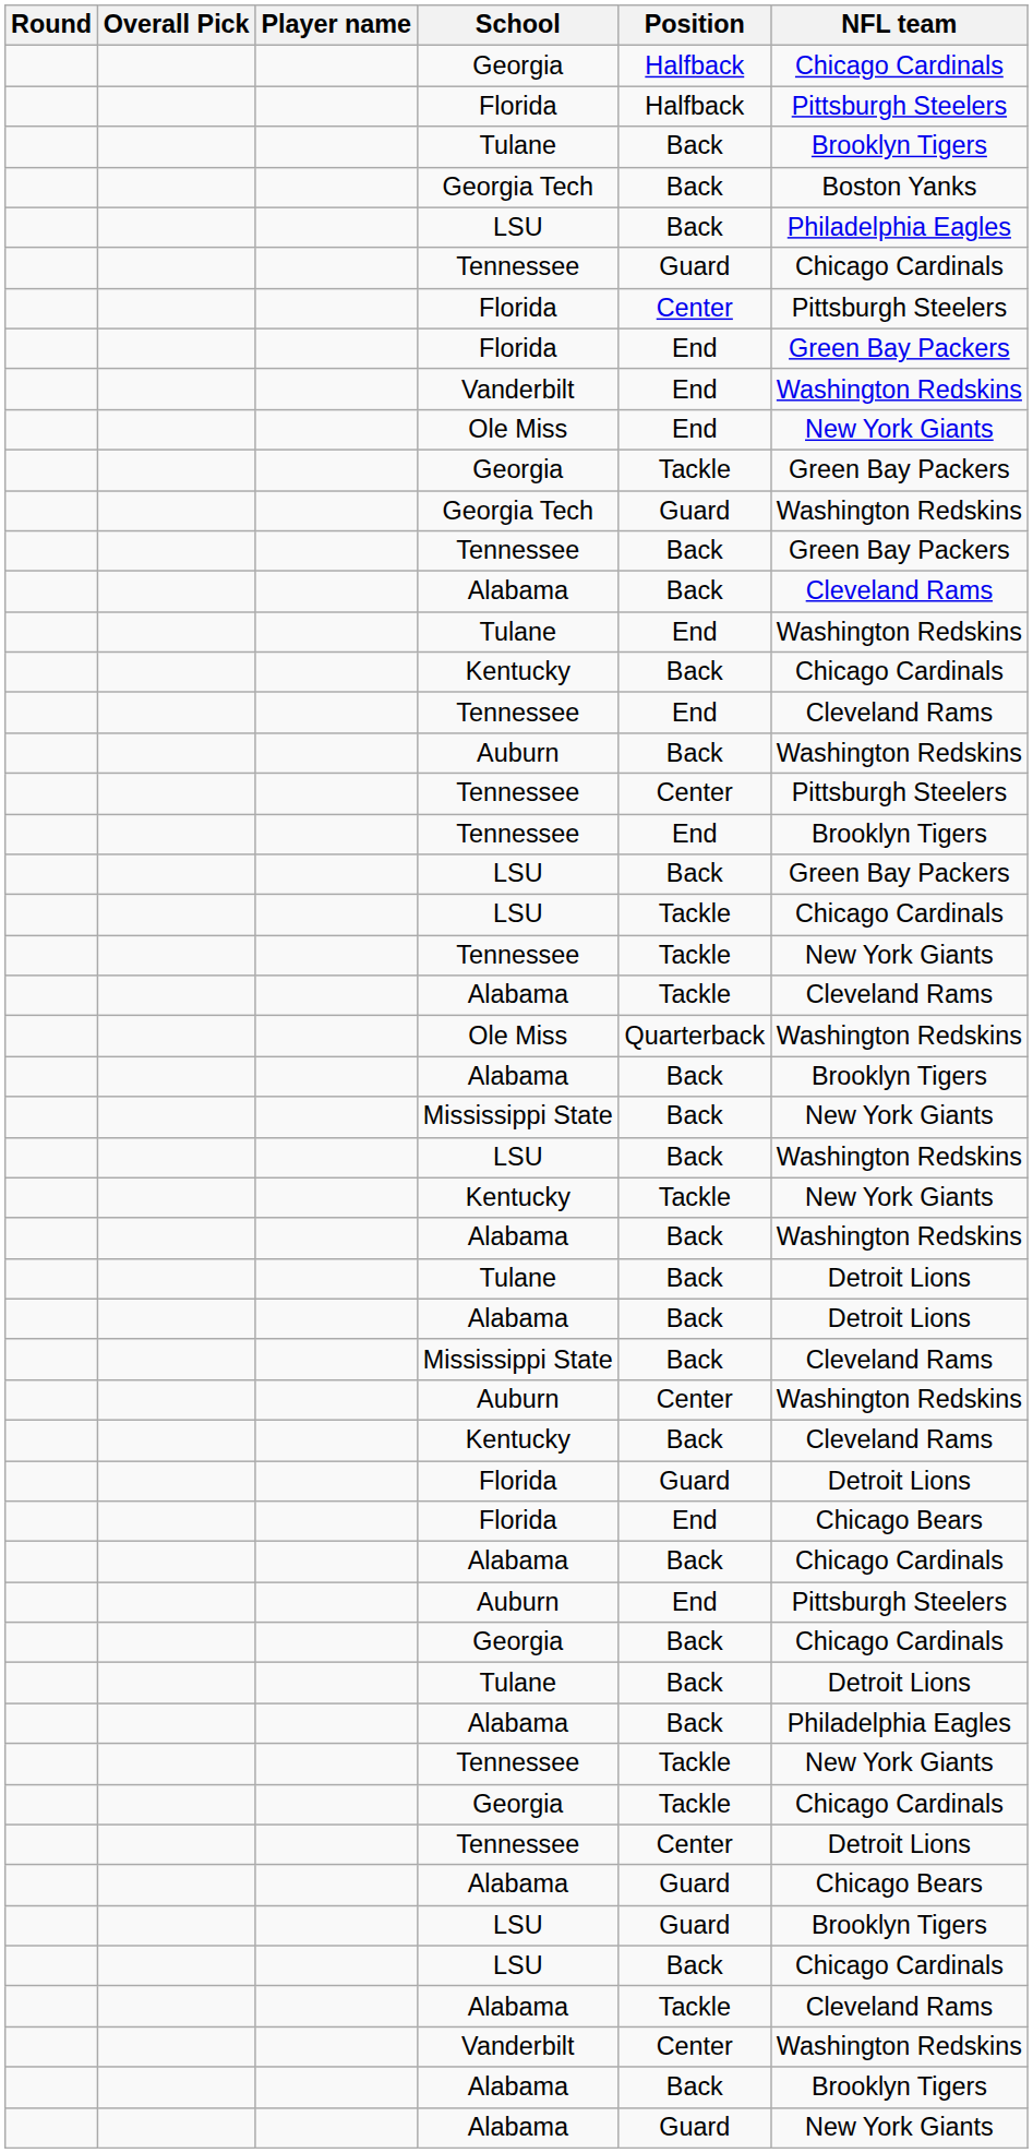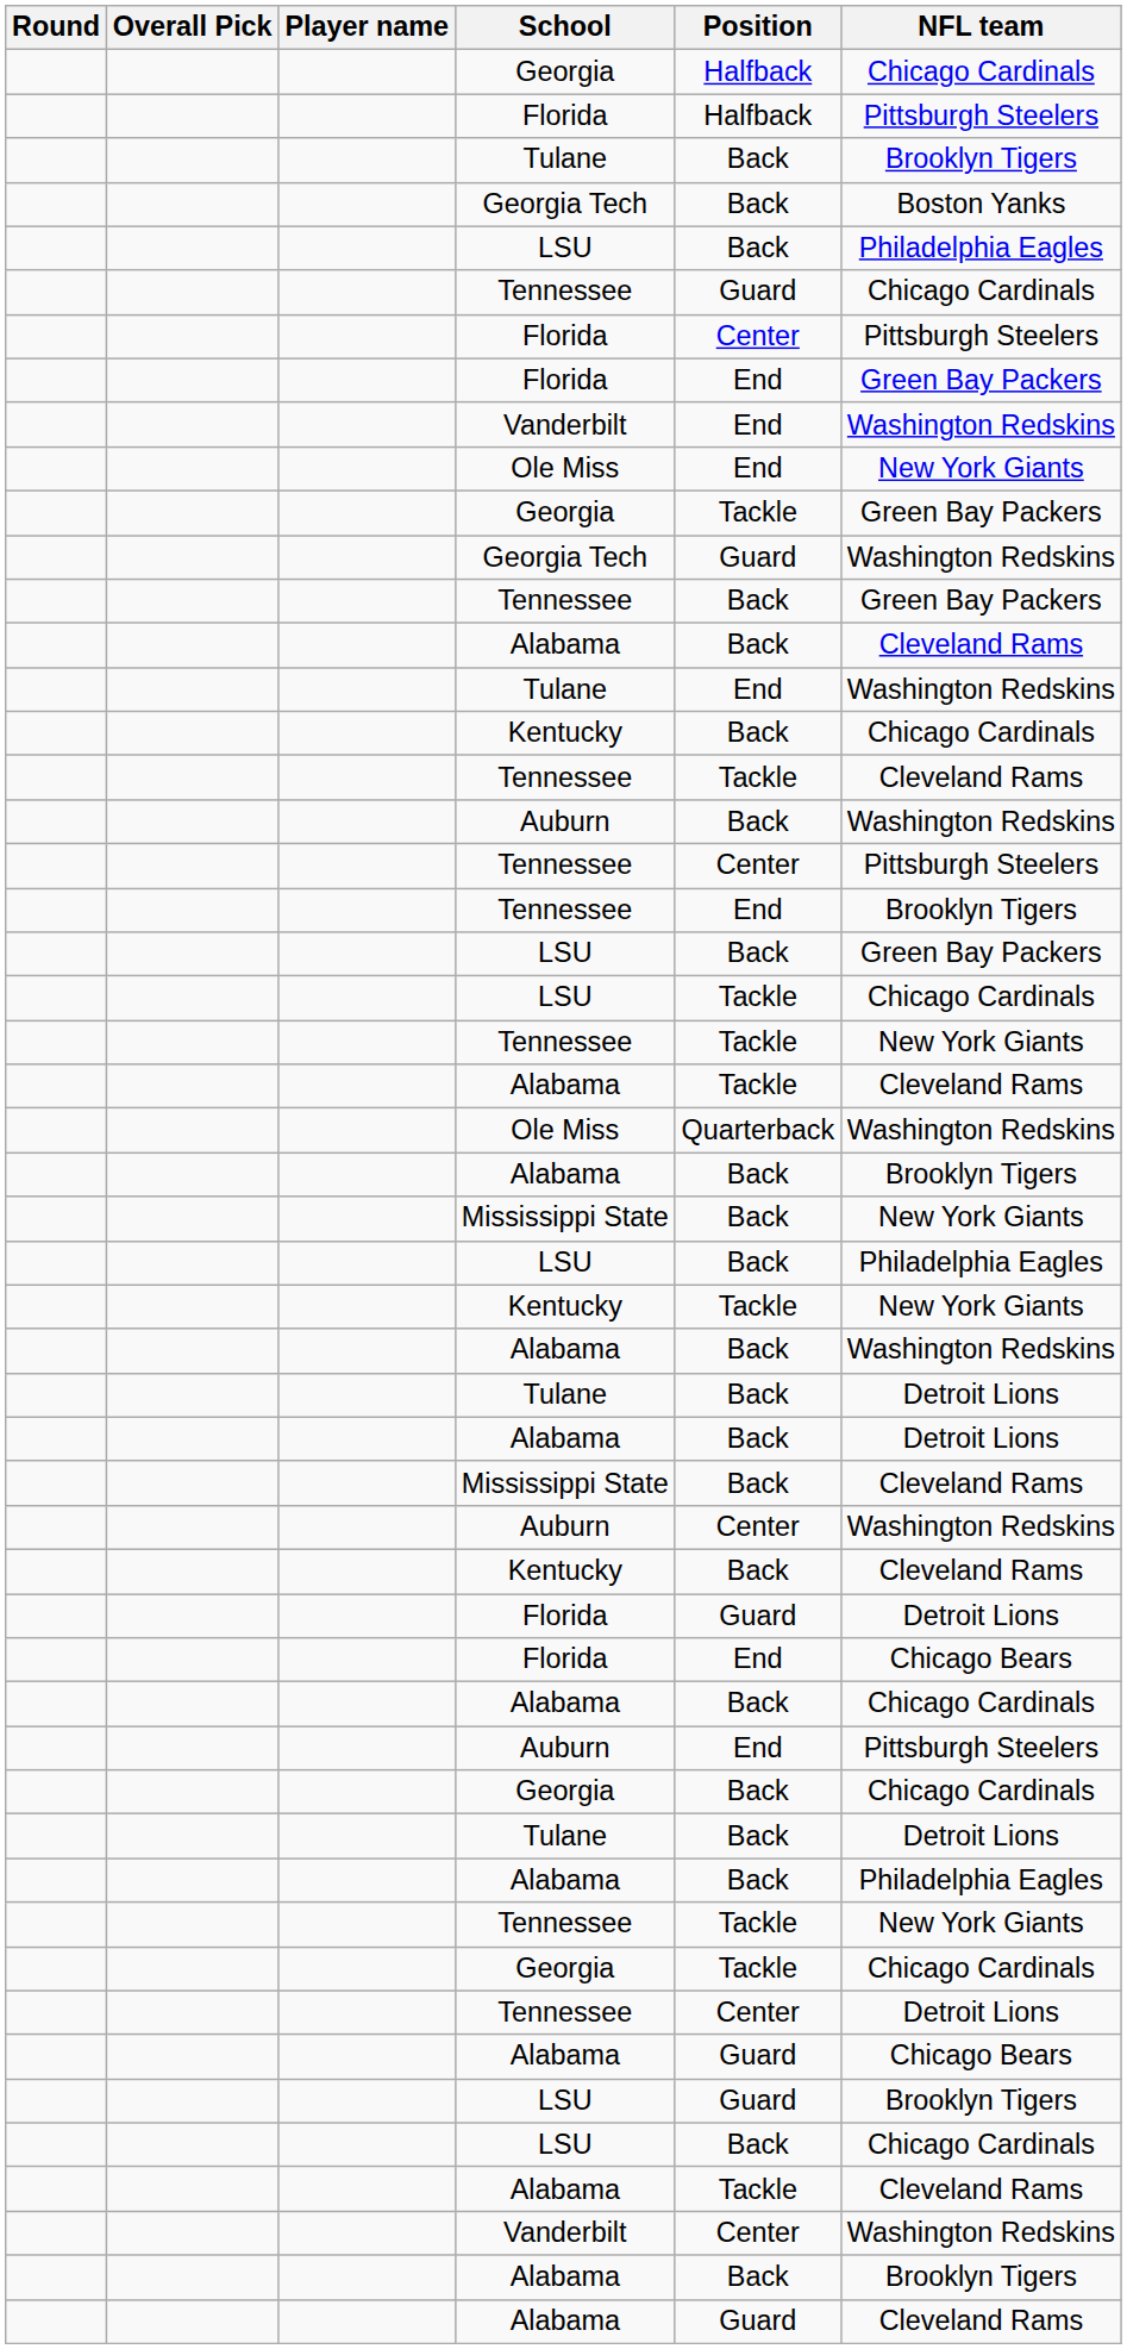 <table class="wikitable sortable" style="text-align:center">
 <tr>
 <th scope="col">Round</th>
 <th scope="col">Overall Pick</th>
 <th scope="col">Player name</th>
 <th scope="col">School</th>
 <th scope="col">Position</th>
 <th scope="col">NFL team</th>
 </tr>
 <tr>
 <td></td>
 <td></td>
 <td></td>
 <td>Georgia</td>
 <td><a href='#'>Halfback</a></td>
 <td><a href='#'>Chicago Cardinals</a></td>
 </tr>
 <tr>
 <td></td>
 <td></td>
 <td></td>
 <td>Florida</td>
 <td>Halfback</td>
 <td><a href='#'>Pittsburgh Steelers</a></td>
 </tr>
 <tr>
 <td></td>
 <td></td>
 <td></td>
 <td>Tulane</td>
 <td>Back</td>
 <td><a href='#'>Brooklyn Tigers</a></td>
 </tr>
 <tr>
 <td></td>
 <td></td>
 <td></td>
 <td>Georgia Tech</td>
 <td>Back</td>
 <td>Boston Yanks</td>
 </tr>
 <tr>
 <td></td>
 <td></td>
 <td></td>
 <td>LSU</td>
 <td>Back</td>
 <td><a href='#'>Philadelphia Eagles</a></td>
 </tr>
 <tr>
 <td></td>
 <td></td>
 <td></td>
 <td>Tennessee</td>
 <td>Guard</td>
 <td>Chicago Cardinals</td>
 </tr>
 <tr>
 <td></td>
 <td></td>
 <td></td>
 <td>Florida</td>
 <td><a href='#'>Center</a></td>
 <td>Pittsburgh Steelers</td>
 </tr>
 <tr>
 <td></td>
 <td></td>
 <td></td>
 <td>Florida</td>
 <td>End</td>
 <td><a href='#'>Green Bay Packers</a></td>
 </tr>
 <tr>
 <td></td>
 <td></td>
 <td></td>
 <td>Vanderbilt</td>
 <td>End</td>
 <td><a href='#'>Washington Redskins</a></td>
 </tr>
 <tr>
 <td></td>
 <td></td>
 <td></td>
 <td>Ole Miss</td>
 <td>End</td>
 <td><a href='#'>New York Giants</a></td>
 </tr>
 <tr>
 <td></td>
 <td></td>
 <td></td>
 <td>Georgia</td>
 <td>Tackle</td>
 <td>Green Bay Packers</td>
 </tr>
 <tr>
 <td></td>
 <td></td>
 <td></td>
 <td>Georgia Tech</td>
 <td>Guard</td>
 <td>Washington Redskins</td>
 </tr>
 <tr>
 <td></td>
 <td></td>
 <td></td>
 <td>Tennessee</td>
 <td>Back</td>
 <td>Green Bay Packers</td>
 </tr>
 <tr>
 <td></td>
 <td></td>
 <td></td>
 <td>Alabama</td>
 <td>Back</td>
 <td><a href='#'>Cleveland Rams</a></td>
 </tr>
 <tr>
 <td></td>
 <td></td>
 <td></td>
 <td>Tulane</td>
 <td>End</td>
 <td>Washington Redskins</td>
 </tr>
 <tr>
 <td></td>
 <td></td>
 <td></td>
 <td>Kentucky</td>
 <td>Back</td>
 <td>Chicago Cardinals</td>
 </tr>
 <tr>
 <td></td>
 <td></td>
 <td></td>
 <td>Tennessee</td>
-<td>End</td>
+<td>Tackle</td>
 <td>Cleveland Rams</td>
 </tr>
 <tr>
 <td></td>
 <td></td>
 <td></td>
 <td>Auburn</td>
 <td>Back</td>
 <td>Washington Redskins</td>
 </tr>
 <tr>
 <td></td>
 <td></td>
 <td></td>
 <td>Tennessee</td>
 <td>Center</td>
 <td>Pittsburgh Steelers</td>
 </tr>
 <tr>
 <td></td>
 <td></td>
 <td></td>
 <td>Tennessee</td>
 <td>End</td>
 <td>Brooklyn Tigers</td>
 </tr>
 <tr>
 <td></td>
 <td></td>
 <td></td>
 <td>LSU</td>
 <td>Back</td>
 <td>Green Bay Packers</td>
 </tr>
 <tr>
 <td></td>
 <td></td>
 <td></td>
 <td>LSU</td>
 <td>Tackle</td>
 <td>Chicago Cardinals</td>
 </tr>
 <tr>
 <td></td>
 <td></td>
 <td></td>
 <td>Tennessee</td>
 <td>Tackle</td>
 <td>New York Giants</td>
 </tr>
 <tr>
 <td></td>
 <td></td>
 <td></td>
 <td>Alabama</td>
 <td>Tackle</td>
 <td>Cleveland Rams</td>
 </tr>
 <tr>
 <td></td>
 <td></td>
 <td></td>
 <td>Ole Miss</td>
 <td>Quarterback</td>
 <td>Washington Redskins</td>
 </tr>
 <tr>
 <td></td>
 <td></td>
 <td></td>
 <td>Alabama</td>
 <td>Back</td>
 <td>Brooklyn Tigers</td>
 </tr>
 <tr>
 <td></td>
 <td></td>
 <td></td>
 <td>Mississippi State</td>
 <td>Back</td>
 <td>New York Giants</td>
 </tr>
 <tr>
 <td></td>
 <td></td>
 <td></td>
 <td>LSU</td>
 <td>Back</td>
-<td>Washington Redskins</td>
+<td>Philadelphia Eagles</td>
 </tr>
 <tr>
 <td></td>
 <td></td>
 <td></td>
 <td>Kentucky</td>
 <td>Tackle</td>
 <td>New York Giants</td>
 </tr>
 <tr>
 <td></td>
 <td></td>
 <td></td>
 <td>Alabama</td>
 <td>Back</td>
 <td>Washington Redskins</td>
 </tr>
 <tr>
 <td></td>
 <td></td>
 <td></td>
 <td>Tulane</td>
 <td>Back</td>
 <td>Detroit Lions</td>
 </tr>
 <tr>
 <td></td>
 <td></td>
 <td></td>
 <td>Alabama</td>
 <td>Back</td>
 <td>Detroit Lions</td>
 </tr>
 <tr>
 <td></td>
 <td></td>
 <td></td>
 <td>Mississippi State</td>
 <td>Back</td>
 <td>Cleveland Rams</td>
 </tr>
 <tr>
 <td></td>
 <td></td>
 <td></td>
 <td>Auburn</td>
 <td>Center</td>
 <td>Washington Redskins</td>
 </tr>
 <tr>
 <td></td>
 <td></td>
 <td></td>
 <td>Kentucky</td>
 <td>Back</td>
 <td>Cleveland Rams</td>
 </tr>
 <tr>
 <td></td>
 <td></td>
 <td></td>
 <td>Florida</td>
 <td>Guard</td>
 <td>Detroit Lions</td>
 </tr>
 <tr>
 <td></td>
 <td></td>
 <td></td>
 <td>Florida</td>
 <td>End</td>
 <td>Chicago Bears</td>
 </tr>
 <tr>
 <td></td>
 <td></td>
 <td></td>
 <td>Alabama</td>
 <td>Back</td>
 <td>Chicago Cardinals</td>
 </tr>
 <tr>
 <td></td>
 <td></td>
 <td></td>
 <td>Auburn</td>
 <td>End</td>
 <td>Pittsburgh Steelers</td>
 </tr>
 <tr>
 <td></td>
 <td></td>
 <td></td>
 <td>Georgia</td>
 <td>Back</td>
 <td>Chicago Cardinals</td>
 </tr>
 <tr>
 <td></td>
 <td></td>
 <td></td>
 <td>Tulane</td>
 <td>Back</td>
 <td>Detroit Lions</td>
 </tr>
 <tr>
 <td></td>
 <td></td>
 <td></td>
 <td>Alabama</td>
 <td>Back</td>
 <td>Philadelphia Eagles</td>
 </tr>
 <tr>
 <td></td>
 <td></td>
 <td></td>
 <td>Tennessee</td>
 <td>Tackle</td>
 <td>New York Giants</td>
 </tr>
 <tr>
 <td></td>
 <td></td>
 <td></td>
 <td>Georgia</td>
 <td>Tackle</td>
 <td>Chicago Cardinals</td>
 </tr>
 <tr>
 <td></td>
 <td></td>
 <td></td>
 <td>Tennessee</td>
 <td>Center</td>
 <td>Detroit Lions</td>
 </tr>
 <tr>
 <td></td>
 <td></td>
 <td></td>
 <td>Alabama</td>
 <td>Guard</td>
 <td>Chicago Bears</td>
 </tr>
 <tr>
 <td></td>
 <td></td>
 <td></td>
 <td>LSU</td>
 <td>Guard</td>
 <td>Brooklyn Tigers</td>
 </tr>
 <tr>
 <td></td>
 <td></td>
 <td></td>
 <td>LSU</td>
 <td>Back</td>
 <td>Chicago Cardinals</td>
 </tr>
 <tr>
 <td></td>
 <td></td>
 <td></td>
 <td>Alabama</td>
 <td>Tackle</td>
 <td>Cleveland Rams</td>
 </tr>
 <tr>
 <td></td>
 <td></td>
 <td></td>
 <td>Vanderbilt</td>
 <td>Center</td>
 <td>Washington Redskins</td>
 </tr>
 <tr>
 <td></td>
 <td></td>
 <td></td>
 <td>Alabama</td>
 <td>Back</td>
 <td>Brooklyn Tigers</td>
 </tr>
 <tr>
 <td></td>
 <td></td>
 <td></td>
 <td>Alabama</td>
 <td>Guard</td>
-<td>New York Giants</td>
+<td>Cleveland Rams</td>
 </tr>
 </table>
